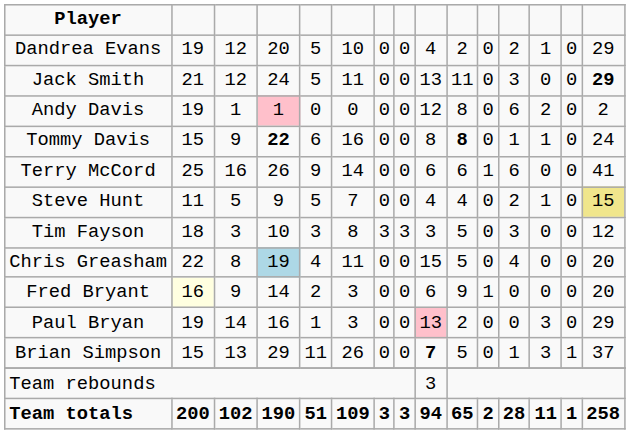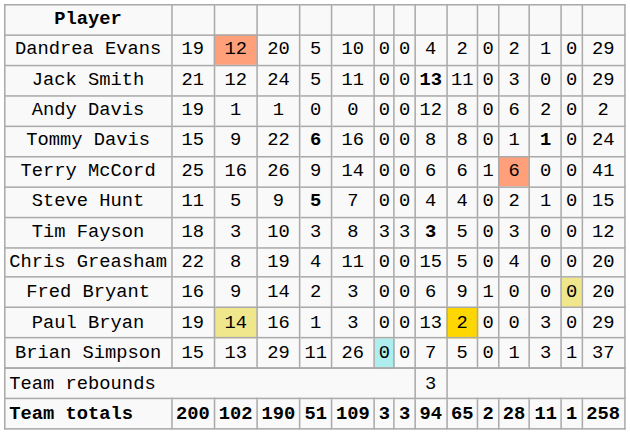 <table class="wikitable sortable" style="text-align: center; font-size:95%">
 <tr>
 <td><strong>Player</strong></td>
 <td><strong></strong></td>
 <td><strong></strong></td>
 <td><strong></strong></td>
 <td><strong></strong></td>
 <td><strong></strong></td>
 <td><strong></strong></td>
 <td><strong></strong></td>
 <td><strong></strong></td>
 <td><strong></strong></td>
 <td><strong></strong></td>
 <td><strong></strong></td>
 <td><strong></strong></td>
 <td><strong></strong></td>
 <td><strong></strong></td>
 </tr>
 <tr>
 <td>Dandrea Evans</td>
 <td>19</td>
-<td>12</td>
+<td style="background: lightsalmon;">12</td>
 <td>20</td>
 <td>5</td>
 <td>10</td>
 <td>0</td>
 <td>0</td>
 <td>4</td>
 <td>2</td>
 <td>0</td>
 <td>2</td>
 <td>1</td>
 <td>0</td>
 <td>29</td>
 </tr>
 <tr>
 <td>Jack Smith</td>
 <td>21</td>
 <td>12</td>
 <td>24</td>
 <td>5</td>
 <td>11</td>
 <td>0</td>
 <td>0</td>
-<td>13</td>
+<td><strong>13</strong></td>
 <td>11</td>
 <td>0</td>
 <td>3</td>
 <td>0</td>
 <td>0</td>
-<td><strong>29</strong></td>
+<td>29</td>
 </tr>
 <tr>
 <td>Andy Davis</td>
 <td>19</td>
 <td>1</td>
-<td style="background: pink;">1</td>
+<td>1</td>
 <td>0</td>
 <td>0</td>
 <td>0</td>
 <td>0</td>
 <td>12</td>
 <td>8</td>
 <td>0</td>
 <td>6</td>
 <td>2</td>
 <td>0</td>
 <td>2</td>
 </tr>
 <tr>
 <td>Tommy Davis</td>
 <td>15</td>
 <td>9</td>
-<td><strong>22</strong></td>
-<td>6</td>
+<td>22</td>
+<td><strong>6</strong></td>
 <td>16</td>
 <td>0</td>
 <td>0</td>
 <td>8</td>
-<td><strong>8</strong></td>
+<td>8</td>
 <td>0</td>
 <td>1</td>
-<td>1</td>
+<td><strong>1</strong></td>
 <td>0</td>
 <td>24</td>
 </tr>
 <tr>
 <td>Terry McCord</td>
 <td>25</td>
 <td>16</td>
 <td>26</td>
 <td>9</td>
 <td>14</td>
 <td>0</td>
 <td>0</td>
 <td>6</td>
 <td>6</td>
 <td>1</td>
-<td>6</td>
+<td style="background: lightsalmon;">6</td>
 <td>0</td>
 <td>0</td>
 <td>41</td>
 </tr>
 <tr>
 <td>Steve Hunt</td>
 <td>11</td>
 <td>5</td>
 <td>9</td>
-<td>5</td>
+<td><strong>5</strong></td>
 <td>7</td>
 <td>0</td>
 <td>0</td>
 <td>4</td>
 <td>4</td>
 <td>0</td>
 <td>2</td>
 <td>1</td>
 <td>0</td>
-<td style="background: khaki;">15</td>
+<td>15</td>
 </tr>
 <tr>
 <td>Tim Fayson</td>
 <td>18</td>
 <td>3</td>
 <td>10</td>
 <td>3</td>
 <td>8</td>
 <td>3</td>
 <td>3</td>
-<td>3</td>
+<td><strong>3</strong></td>
 <td>5</td>
 <td>0</td>
 <td>3</td>
 <td>0</td>
 <td>0</td>
 <td>12</td>
 </tr>
 <tr>
 <td>Chris Greasham</td>
 <td>22</td>
 <td>8</td>
-<td style="background: lightblue;">19</td>
+<td>19</td>
 <td>4</td>
 <td>11</td>
 <td>0</td>
 <td>0</td>
 <td>15</td>
 <td>5</td>
 <td>0</td>
 <td>4</td>
 <td>0</td>
 <td>0</td>
 <td>20</td>
 </tr>
 <tr>
 <td>Fred Bryant</td>
-<td style="background: lightyellow;">16</td>
+<td>16</td>
 <td>9</td>
 <td>14</td>
 <td>2</td>
 <td>3</td>
 <td>0</td>
 <td>0</td>
 <td>6</td>
 <td>9</td>
 <td>1</td>
 <td>0</td>
 <td>0</td>
-<td>0</td>
+<td style="background: khaki;">0</td>
 <td>20</td>
 </tr>
 <tr>
 <td>Paul Bryan</td>
 <td>19</td>
-<td>14</td>
+<td style="background: khaki;">14</td>
 <td>16</td>
 <td>1</td>
 <td>3</td>
 <td>0</td>
 <td>0</td>
-<td style="background: pink;">13</td>
-<td>2</td>
+<td>13</td>
+<td style="background: gold;">2</td>
 <td>0</td>
 <td>0</td>
 <td>3</td>
 <td>0</td>
 <td>29</td>
 </tr>
 <tr>
 <td>Brian Simpson</td>
 <td>15</td>
 <td>13</td>
 <td>29</td>
 <td>11</td>
 <td>26</td>
+<td style="background: paleturquoise;">0</td>
 <td>0</td>
-<td>0</td>
-<td><strong>7</strong></td>
+<td>7</td>
 <td>5</td>
 <td>0</td>
 <td>1</td>
 <td>3</td>
 <td>1</td>
 <td>37</td>
 </tr>
 <tr>
 </tr>
 <tr class="sortbottom">
 <td style="text-align:left;" colspan="8">Team rebounds</td>
 <td>3</td>
 <td colspan=6></td>
 </tr>
 <tr class="sortbottom">
 <td style="text-align:left;" colspan="1"><strong>Team totals</strong></td>
 <td><strong>200</strong></td>
 <td><strong>102</strong></td>
 <td><strong>190</strong></td>
 <td><strong>51</strong></td>
 <td><strong>109</strong></td>
 <td><strong>3</strong></td>
 <td><strong>3</strong></td>
 <td><strong>94</strong></td>
 <td><strong>65</strong></td>
 <td><strong>2</strong></td>
 <td><strong>28</strong></td>
 <td><strong>11</strong></td>
 <td><strong>1</strong></td>
 <td><strong>258</strong></td>
 </tr>
 </table>
